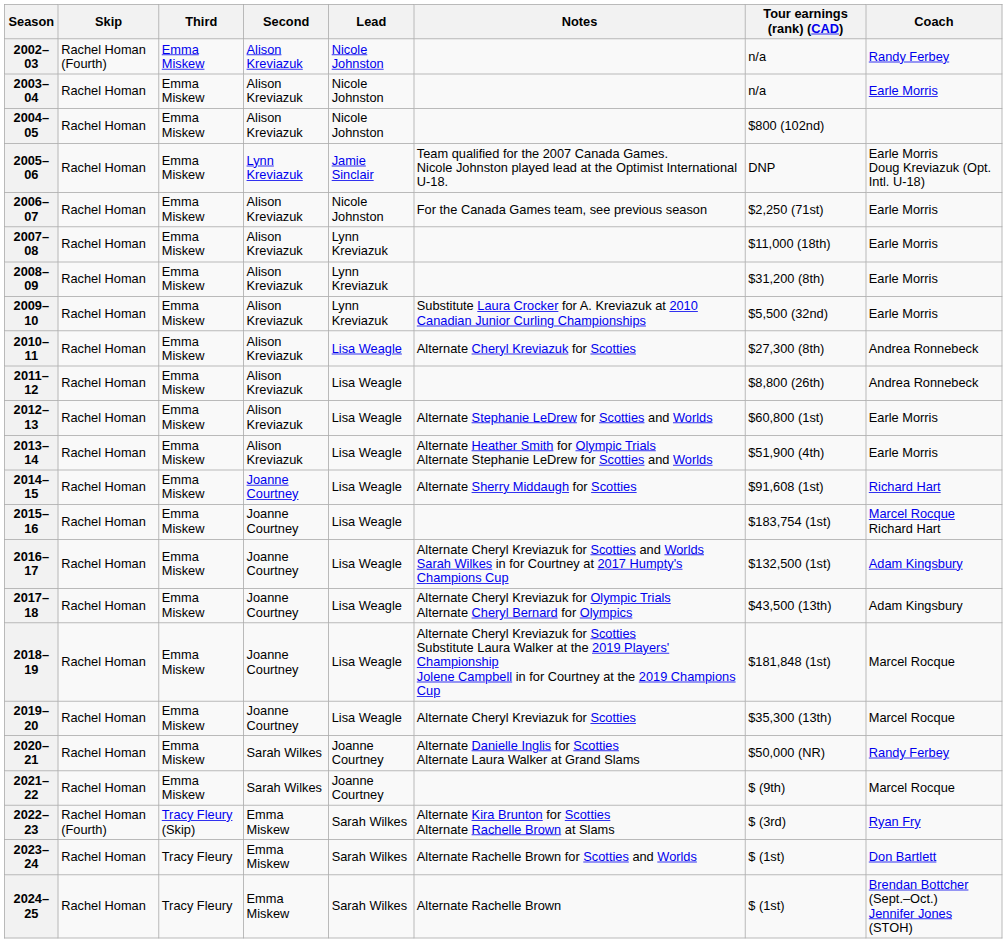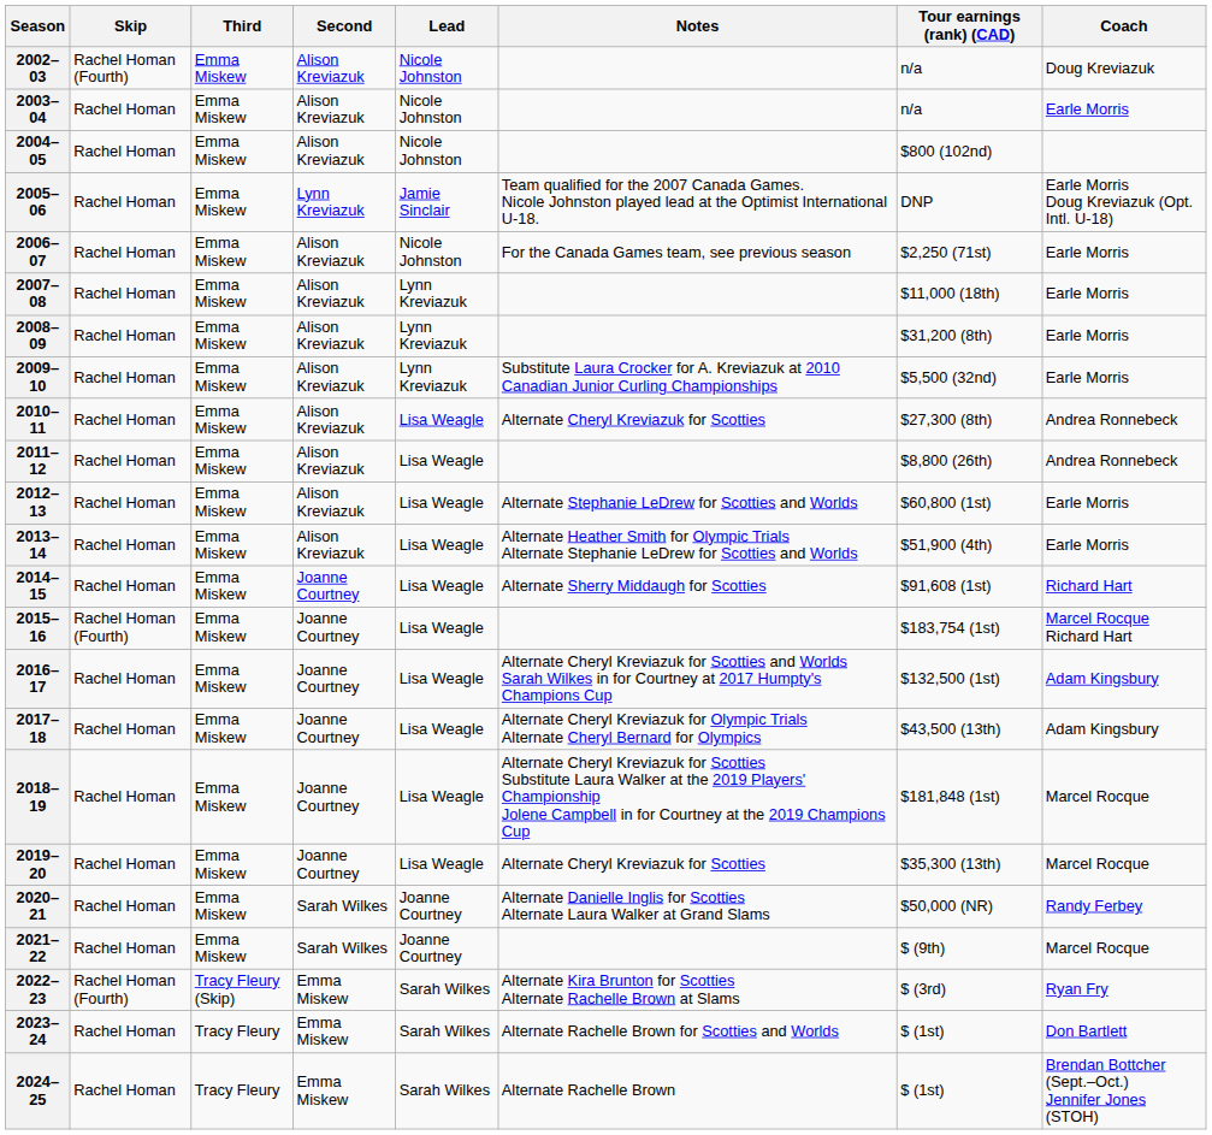 <table class="wikitable">
 <tr>
 <th scope="col">Season</th>
 <th scope="col">Skip</th>
 <th scope="col">Third</th>
 <th scope="col">Second</th>
 <th scope="col">Lead</th>
 <th scope="col">Notes</th>
 <th scope="col">Tour earnings (rank) (<a href='#'>CAD</a>)</th>
 <th scope="col">Coach</th>
 </tr>
 <tr>
 <th scope="row">2002–03</th>
 <td>Rachel Homan (Fourth)</td>
 <td><a href='#'>Emma Miskew</a></td>
 <td><a href='#'>Alison Kreviazuk</a></td>
 <td><a href='#'>Nicole Johnston</a></td>
 <td></td>
 <td>n/a</td>
-<td><a href='#'>Randy Ferbey</a></td>
+<td>Doug Kreviazuk</td>
 </tr>
 <tr>
 <th scope="row">2003–04</th>
 <td>Rachel Homan</td>
 <td>Emma Miskew</td>
 <td>Alison Kreviazuk</td>
 <td>Nicole Johnston</td>
 <td></td>
 <td>n/a</td>
 <td><a href='#'>Earle Morris</a></td>
 </tr>
 <tr>
 <th scope="row">2004–05</th>
 <td>Rachel Homan</td>
 <td>Emma Miskew</td>
 <td>Alison Kreviazuk</td>
 <td>Nicole Johnston</td>
 <td></td>
 <td>$800 (102nd)</td>
 <td></td>
 </tr>
 <tr>
 <th scope="row">2005–06</th>
 <td>Rachel Homan</td>
 <td>Emma Miskew</td>
 <td><a href='#'>Lynn Kreviazuk</a></td>
 <td><a href='#'>Jamie Sinclair</a></td>
 <td>Team qualified for the 2007 Canada Games. <br> Nicole Johnston played lead at the Optimist International U-18.</td>
 <td>DNP</td>
 <td>Earle Morris <br> Doug Kreviazuk (Opt. Intl. U-18)</td>
 </tr>
 <tr>
 <th scope="row">2006–07</th>
 <td>Rachel Homan</td>
 <td>Emma Miskew</td>
 <td>Alison Kreviazuk</td>
 <td>Nicole Johnston</td>
 <td>For the Canada Games team, see previous season</td>
 <td>$2,250 (71st)</td>
 <td>Earle Morris</td>
 </tr>
 <tr>
 <th scope="row">2007–08</th>
 <td>Rachel Homan</td>
 <td>Emma Miskew</td>
 <td>Alison Kreviazuk</td>
 <td>Lynn Kreviazuk</td>
 <td></td>
 <td>$11,000 (18th)</td>
 <td>Earle Morris</td>
 </tr>
 <tr>
 <th scope="row">2008–09</th>
 <td>Rachel Homan</td>
 <td>Emma Miskew</td>
 <td>Alison Kreviazuk</td>
 <td>Lynn Kreviazuk</td>
 <td></td>
 <td>$31,200 (8th)</td>
 <td>Earle Morris</td>
 </tr>
 <tr>
 <th scope="row">2009–10</th>
 <td>Rachel Homan</td>
 <td>Emma Miskew</td>
 <td>Alison Kreviazuk</td>
 <td>Lynn Kreviazuk</td>
 <td>Substitute <a href='#'>Laura Crocker</a> for A. Kreviazuk at <a href='#'>2010 Canadian Junior Curling Championships</a></td>
 <td>$5,500 (32nd)</td>
 <td>Earle Morris</td>
 </tr>
 <tr>
 <th scope="row">2010–11</th>
 <td>Rachel Homan</td>
 <td>Emma Miskew</td>
 <td>Alison Kreviazuk</td>
 <td><a href='#'>Lisa Weagle</a></td>
 <td>Alternate <a href='#'>Cheryl Kreviazuk</a> for <a href='#'>Scotties</a></td>
 <td>$27,300 (8th)</td>
 <td>Andrea Ronnebeck</td>
 </tr>
 <tr>
 <th scope="row">2011–12</th>
 <td>Rachel Homan</td>
 <td>Emma Miskew</td>
 <td>Alison Kreviazuk</td>
 <td>Lisa Weagle</td>
 <td></td>
 <td>$8,800 (26th)</td>
 <td>Andrea Ronnebeck</td>
 </tr>
 <tr>
 <th scope="row">2012–13</th>
 <td>Rachel Homan</td>
 <td>Emma Miskew</td>
 <td>Alison Kreviazuk</td>
 <td>Lisa Weagle</td>
 <td>Alternate <a href='#'>Stephanie LeDrew</a> for <a href='#'>Scotties</a> and <a href='#'>Worlds</a></td>
 <td>$60,800 (1st)</td>
 <td>Earle Morris</td>
 </tr>
 <tr>
 <th scope="row">2013–14</th>
 <td>Rachel Homan</td>
 <td>Emma Miskew</td>
 <td>Alison Kreviazuk</td>
 <td>Lisa Weagle</td>
 <td>Alternate <a href='#'>Heather Smith</a> for <a href='#'>Olympic Trials</a> <br> Alternate Stephanie LeDrew for <a href='#'>Scotties</a> and <a href='#'>Worlds</a></td>
 <td>$51,900 (4th)</td>
 <td>Earle Morris</td>
 </tr>
 <tr>
 <th scope="row">2014–15</th>
 <td>Rachel Homan</td>
 <td>Emma Miskew</td>
 <td><a href='#'>Joanne Courtney</a></td>
 <td>Lisa Weagle</td>
 <td>Alternate <a href='#'>Sherry Middaugh</a> for <a href='#'>Scotties</a></td>
 <td>$91,608 (1st)</td>
 <td><a href='#'>Richard Hart</a></td>
 </tr>
 <tr>
 <th scope="row">2015–16</th>
-<td>Rachel Homan</td>
+<td>Rachel Homan (Fourth)</td>
 <td>Emma Miskew</td>
 <td>Joanne Courtney</td>
 <td>Lisa Weagle</td>
 <td></td>
 <td>$183,754 (1st)</td>
 <td><a href='#'>Marcel Rocque</a> <br>Richard Hart</td>
 </tr>
 <tr>
 <th scope="row">2016–17</th>
 <td>Rachel Homan</td>
 <td>Emma Miskew</td>
 <td>Joanne Courtney</td>
 <td>Lisa Weagle</td>
 <td>Alternate Cheryl Kreviazuk for <a href='#'>Scotties</a> and <a href='#'>Worlds</a> <br> <a href='#'>Sarah Wilkes</a> in  for Courtney at <a href='#'>2017 Humpty's Champions Cup</a></td>
 <td>$132,500 (1st)</td>
 <td><a href='#'>Adam Kingsbury</a></td>
 </tr>
 <tr>
 <th scope="row">2017–18</th>
 <td>Rachel Homan</td>
 <td>Emma Miskew</td>
 <td>Joanne Courtney</td>
 <td>Lisa Weagle</td>
 <td>Alternate Cheryl Kreviazuk for <a href='#'>Olympic Trials</a> <br> Alternate <a href='#'>Cheryl Bernard</a> for <a href='#'>Olympics</a></td>
 <td>$43,500 (13th)</td>
 <td>Adam Kingsbury</td>
 </tr>
 <tr>
 <th scope="row">2018–19</th>
 <td>Rachel Homan</td>
 <td>Emma Miskew</td>
 <td>Joanne Courtney</td>
 <td>Lisa Weagle</td>
 <td>Alternate Cheryl Kreviazuk for <a href='#'>Scotties</a> <br> Substitute Laura Walker at the <a href='#'>2019 Players' Championship</a> <br> <a href='#'>Jolene Campbell</a> in for Courtney at the <a href='#'>2019 Champions Cup</a></td>
 <td>$181,848 (1st)</td>
 <td>Marcel Rocque</td>
 </tr>
 <tr>
 <th scope="row">2019–20</th>
 <td>Rachel Homan</td>
 <td>Emma Miskew</td>
 <td>Joanne Courtney</td>
 <td>Lisa Weagle</td>
 <td>Alternate Cheryl Kreviazuk for <a href='#'>Scotties</a></td>
 <td>$35,300 (13th)</td>
 <td>Marcel Rocque</td>
 </tr>
 <tr>
 <th scope="row">2020–21</th>
 <td>Rachel Homan</td>
 <td>Emma Miskew</td>
 <td>Sarah Wilkes</td>
 <td>Joanne Courtney</td>
 <td>Alternate <a href='#'>Danielle Inglis</a> for <a href='#'>Scotties</a> <br> Alternate Laura Walker at Grand Slams</td>
 <td>$50,000 (NR)</td>
 <td><a href='#'>Randy Ferbey</a></td>
 </tr>
 <tr>
 <th scope="row">2021–22</th>
 <td>Rachel Homan</td>
 <td>Emma Miskew</td>
 <td>Sarah Wilkes</td>
 <td>Joanne Courtney</td>
 <td></td>
 <td>$ (9th)</td>
 <td>Marcel Rocque</td>
 </tr>
 <tr>
 <th scope="row">2022–23</th>
 <td>Rachel Homan (Fourth)</td>
 <td><a href='#'>Tracy Fleury</a> (Skip)</td>
 <td>Emma Miskew</td>
 <td>Sarah Wilkes</td>
 <td>Alternate <a href='#'>Kira Brunton</a> for <a href='#'>Scotties</a> <br> Alternate <a href='#'>Rachelle Brown</a> at Slams</td>
 <td>$ (3rd)</td>
 <td><a href='#'>Ryan Fry</a></td>
 </tr>
 <tr>
 <th scope="row">2023–24</th>
 <td>Rachel Homan</td>
 <td>Tracy Fleury</td>
 <td>Emma Miskew</td>
 <td>Sarah Wilkes</td>
 <td>Alternate Rachelle Brown for <a href='#'>Scotties</a> and <a href='#'>Worlds</a></td>
 <td>$ (1st)</td>
 <td><a href='#'>Don Bartlett</a></td>
 </tr>
 <tr>
 <th scope="row">2024–25</th>
 <td>Rachel Homan</td>
 <td>Tracy Fleury</td>
 <td>Emma Miskew</td>
 <td>Sarah Wilkes</td>
 <td>Alternate Rachelle Brown</td>
 <td>$ (1st)</td>
 <td><a href='#'>Brendan Bottcher</a> (Sept.–Oct.) <br> <a href='#'>Jennifer Jones</a> (STOH)</td>
 </tr>
 </table>
